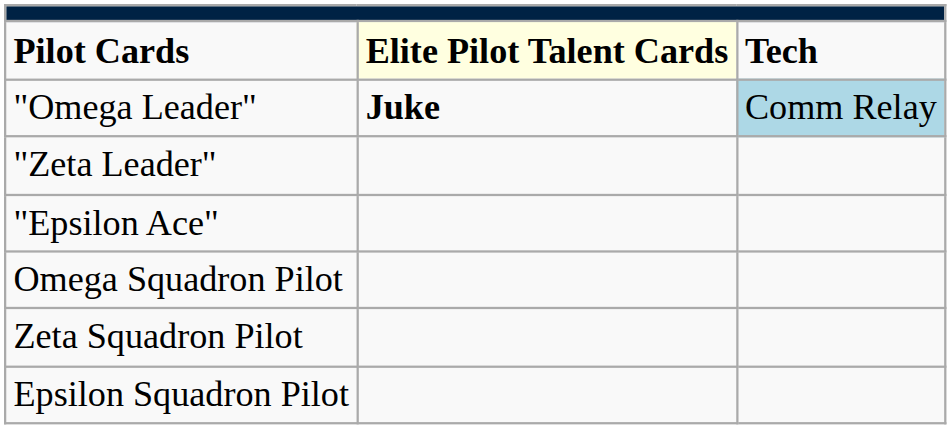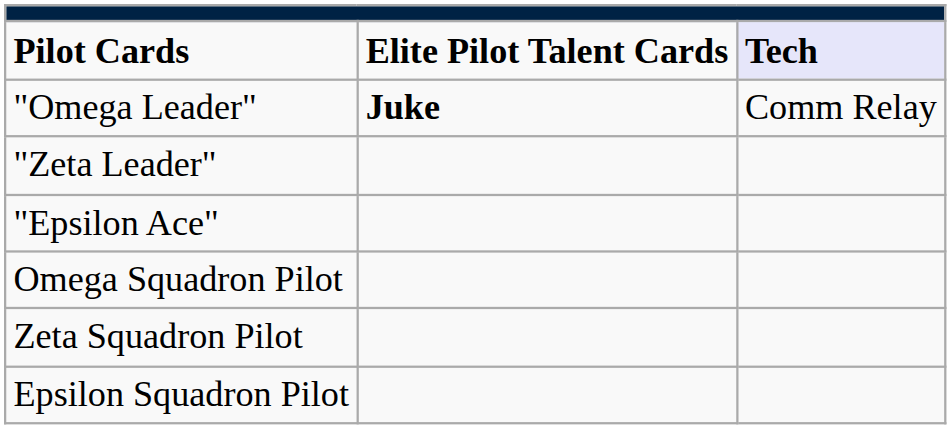 <table class="wikitable">
 <tr style="background:#002244;">
 <td colspan="5"></td>
 </tr>
 <tr>
 <td><strong>Pilot Cards</strong></td>
-<td style="background: lightyellow;"><strong>Elite Pilot Talent Cards</strong></td>
-<td><strong>Tech</strong></td>
+<td><strong>Elite Pilot Talent Cards</strong></td>
+<td style="background: lavender;"><strong>Tech</strong></td>
 </tr>
 <tr>
 <td>"Omega Leader"</td>
 <td><strong>Juke</strong></td>
-<td style="background: lightblue;">Comm Relay</td>
+<td>Comm Relay</td>
 </tr>
 <tr>
 <td>"Zeta Leader"</td>
 <td></td>
 <td></td>
 </tr>
 <tr>
 <td>"Epsilon Ace"</td>
 <td></td>
 <td></td>
 </tr>
 <tr>
 <td>Omega Squadron Pilot</td>
 <td></td>
 <td></td>
 </tr>
 <tr>
 <td>Zeta Squadron Pilot</td>
 <td></td>
 <td></td>
 </tr>
 <tr>
 <td>Epsilon Squadron Pilot</td>
 <td></td>
 <td></td>
 </tr>
 </table>
